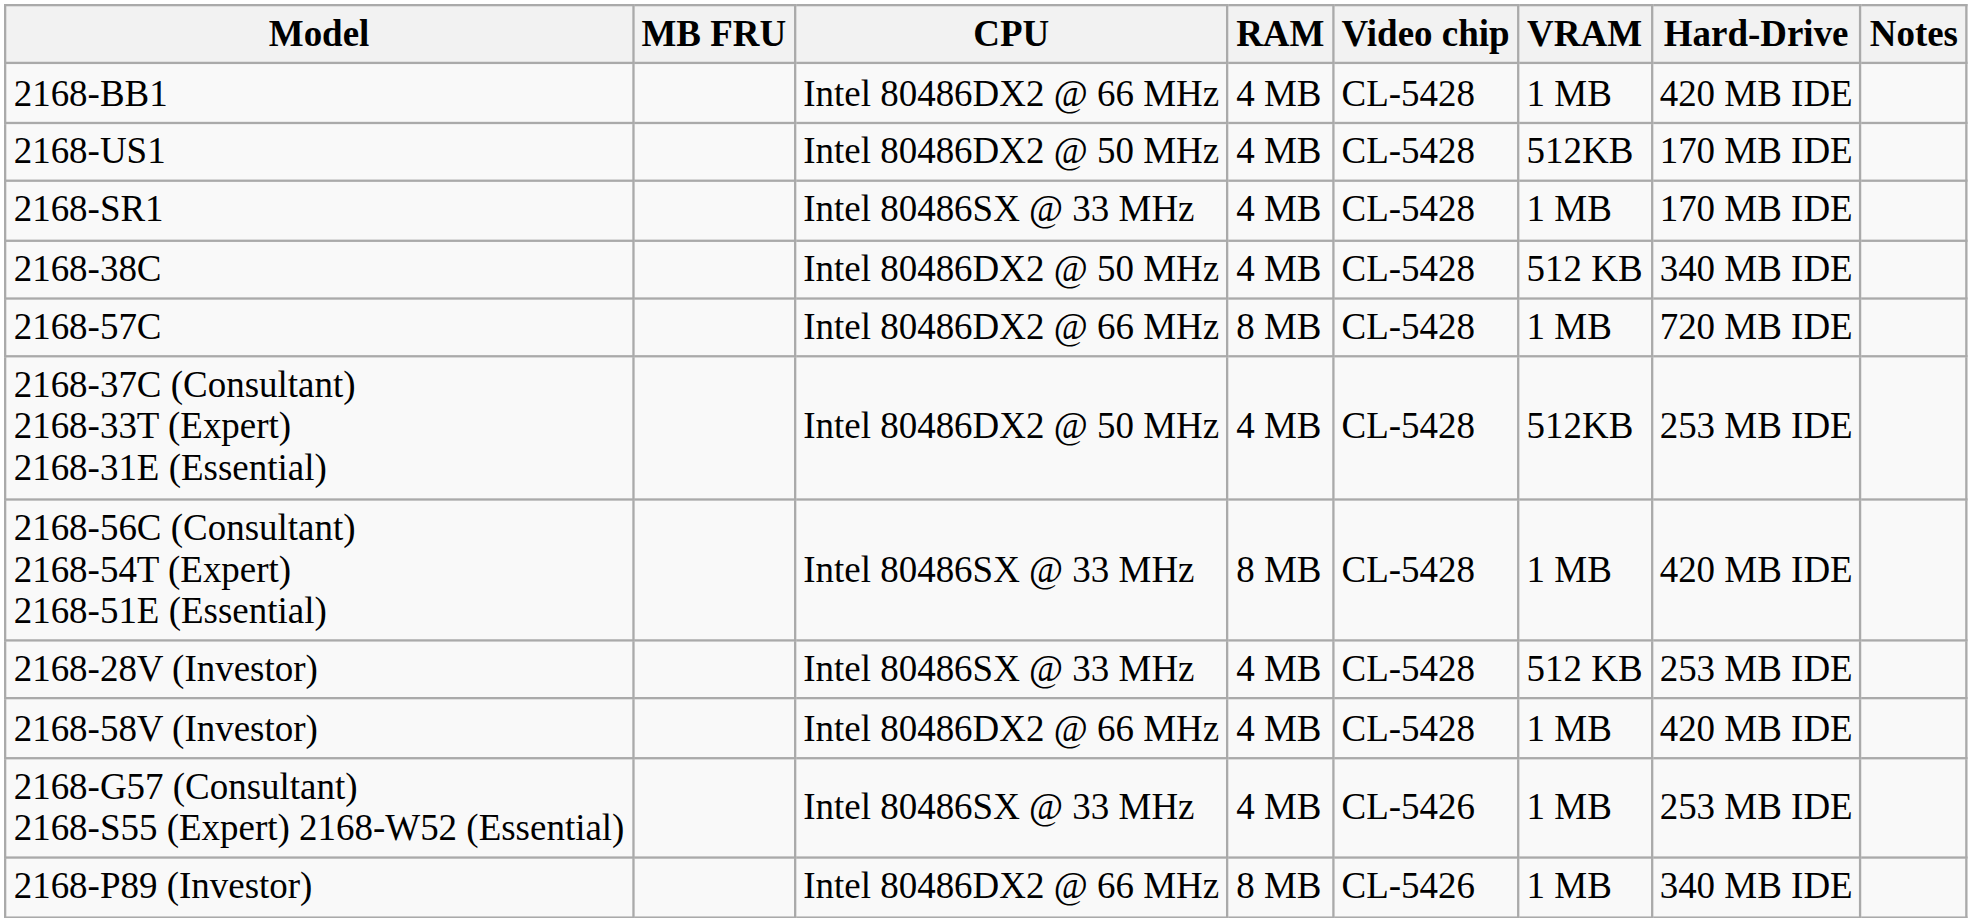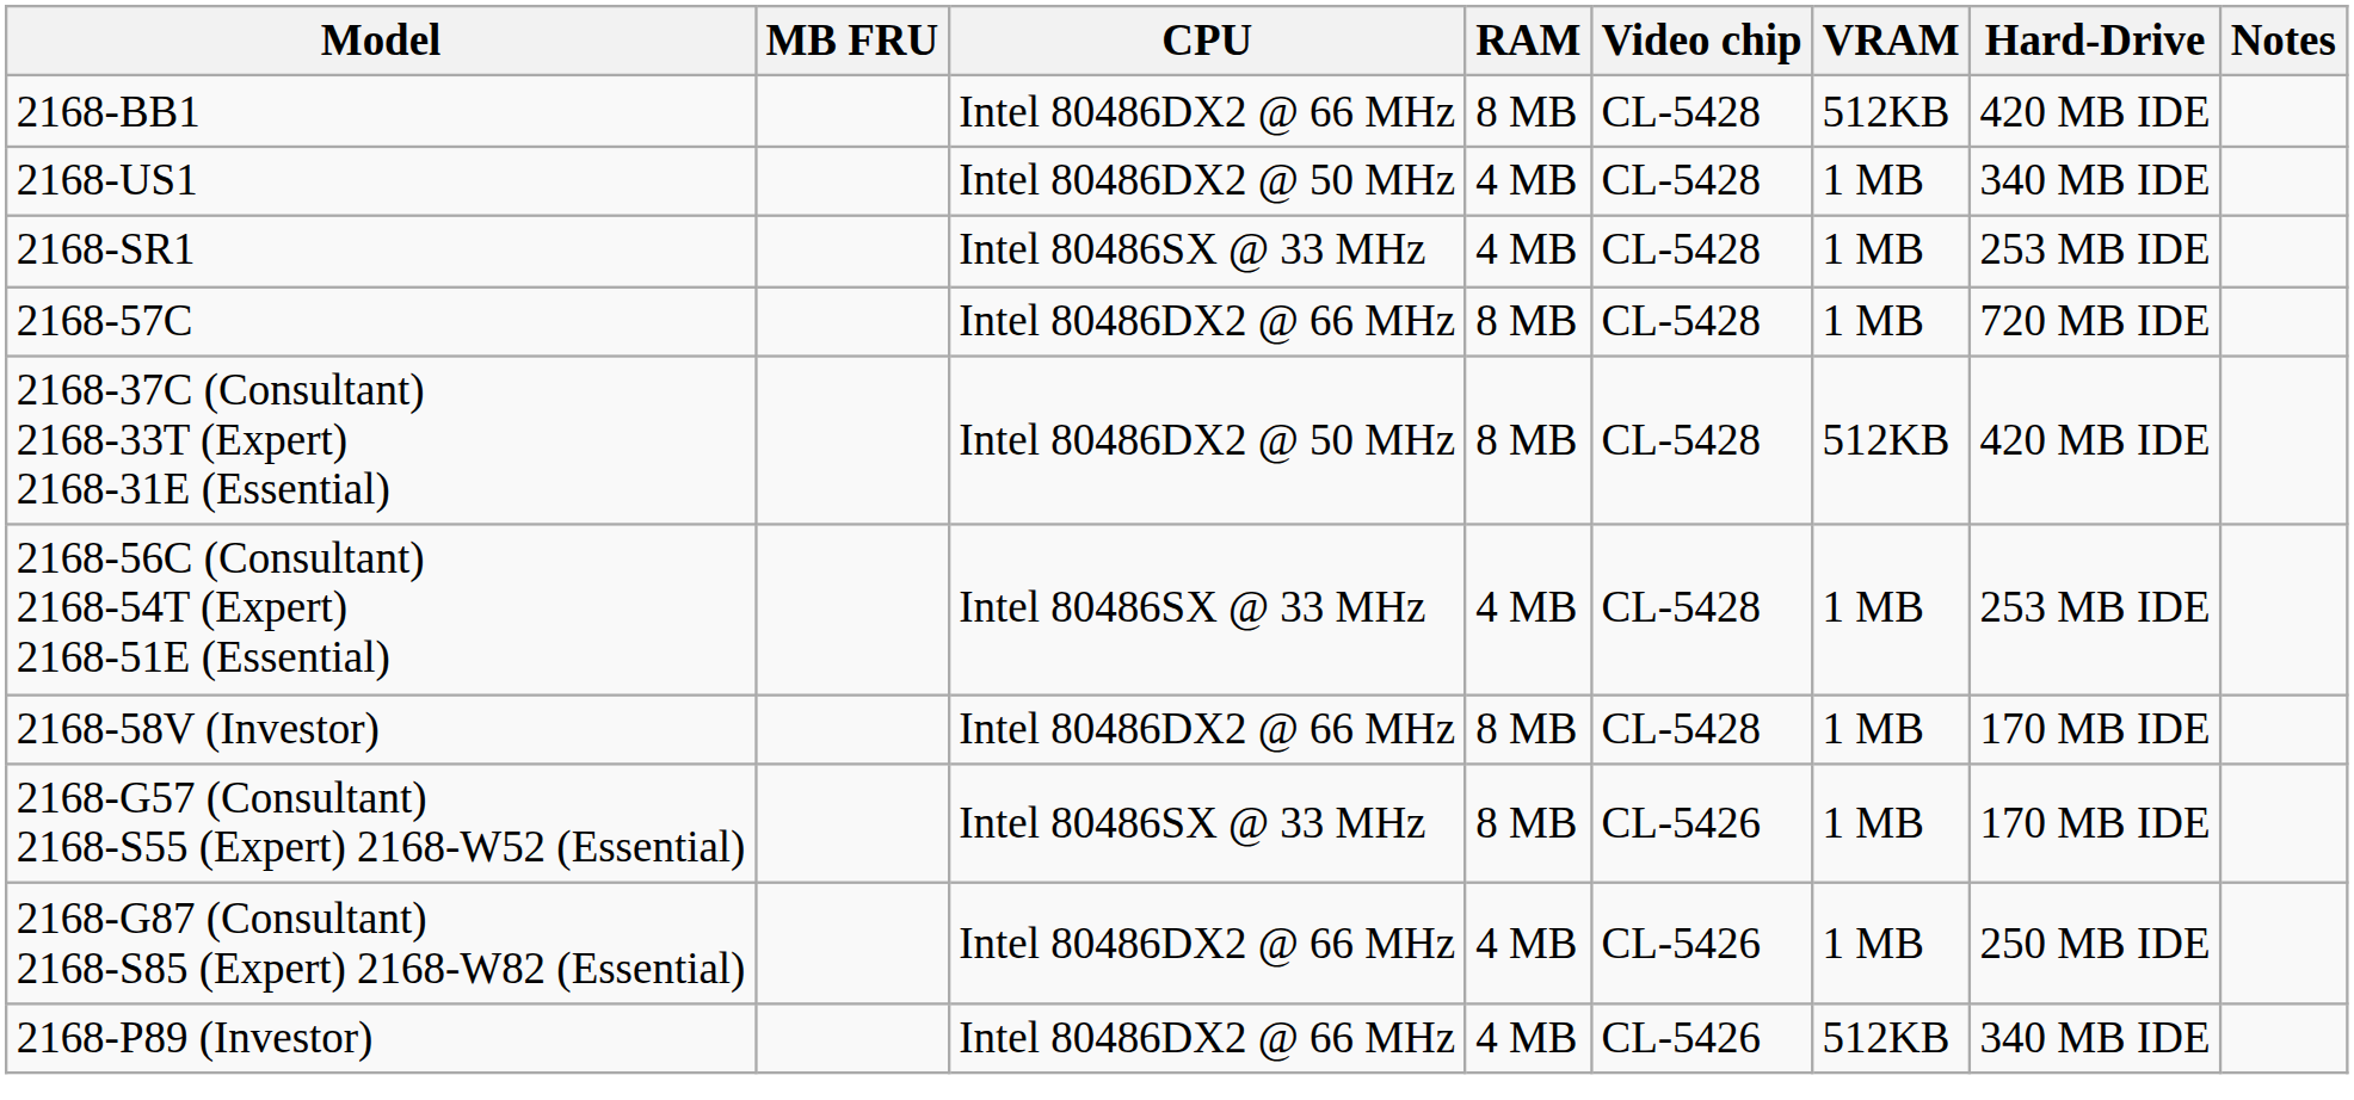 <table class="wikitable">
 <tr>
 <th>Model</th>
 <th>MB FRU</th>
 <th>CPU</th>
 <th>RAM</th>
 <th>Video chip</th>
 <th>VRAM</th>
 <th>Hard-Drive</th>
 <th>Notes</th>
 </tr>
 <tr>
 <td>2168-BB1</td>
 <td></td>
 <td>Intel 80486DX2 @ 66 MHz</td>
-<td>4 MB</td>
+<td>8 MB</td>
 <td>CL-5428</td>
-<td>1 MB</td>
+<td>512KB</td>
 <td>420 MB IDE</td>
 <td></td>
 </tr>
 <tr>
 <td>2168-US1</td>
 <td></td>
 <td>Intel 80486DX2 @ 50 MHz</td>
 <td>4 MB</td>
 <td>CL-5428</td>
-<td>512KB</td>
-<td>170 MB IDE</td>
+<td>1 MB</td>
+<td>340 MB IDE</td>
 <td></td>
 </tr>
 <tr>
 <td>2168-SR1</td>
 <td></td>
 <td>Intel 80486SX @ 33 MHz</td>
 <td>4 MB</td>
 <td>CL-5428</td>
 <td>1 MB</td>
-<td>170 MB IDE</td>
-<td></td>
-</tr>
-<tr>
-<td>2168-38C</td>
-<td></td>
-<td>Intel 80486DX2 @ 50 MHz</td>
-<td>4 MB</td>
-<td>CL-5428</td>
-<td>512 KB</td>
-<td>340 MB IDE</td>
+<td>253 MB IDE</td>
 <td></td>
 </tr>
 <tr>
 <td>2168-57C</td>
 <td></td>
 <td>Intel 80486DX2 @ 66 MHz</td>
 <td>8 MB</td>
 <td>CL-5428</td>
 <td>1 MB</td>
 <td>720 MB IDE</td>
 <td></td>
 </tr>
 <tr>
 <td>2168-37C (Consultant)<br>2168-33T (Expert)<br>2168-31E (Essential)</td>
 <td></td>
 <td>Intel 80486DX2 @ 50 MHz</td>
-<td>4 MB</td>
+<td>8 MB</td>
 <td>CL-5428</td>
 <td>512KB</td>
-<td>253 MB IDE</td>
+<td>420 MB IDE</td>
 <td></td>
 </tr>
 <tr>
 <td>2168-56C (Consultant)<br>2168-54T (Expert)<br>2168-51E (Essential)</td>
 <td></td>
 <td>Intel 80486SX @ 33 MHz</td>
-<td>8 MB</td>
+<td>4 MB</td>
 <td>CL-5428</td>
 <td>1 MB</td>
-<td>420 MB IDE</td>
-<td></td>
-</tr>
-<tr>
-<td>2168-28V (Investor)</td>
-<td></td>
-<td>Intel 80486SX @ 33 MHz</td>
-<td>4 MB</td>
-<td>CL-5428</td>
-<td>512 KB</td>
 <td>253 MB IDE</td>
 <td></td>
 </tr>
 <tr>
 <td>2168-58V (Investor)</td>
 <td></td>
 <td>Intel 80486DX2 @ 66 MHz</td>
-<td>4 MB</td>
+<td>8 MB</td>
 <td>CL-5428</td>
 <td>1 MB</td>
-<td>420 MB IDE</td>
+<td>170 MB IDE</td>
 <td></td>
 </tr>
 <tr>
 <td>2168-G57 (Consultant)<br>2168-S55 (Expert) 2168-W52 (Essential)</td>
 <td></td>
 <td>Intel 80486SX @ 33 MHz</td>
+<td>8 MB</td>
+<td>CL-5426</td>
+<td>1 MB</td>
+<td>170 MB IDE</td>
+<td></td>
+</tr>
+<tr>
+<td>2168-G87 (Consultant)<br>2168-S85 (Expert) 2168-W82 (Essential)</td>
+<td></td>
+<td>Intel 80486DX2 @ 66 MHz</td>
 <td>4 MB</td>
 <td>CL-5426</td>
 <td>1 MB</td>
-<td>253 MB IDE</td>
+<td>250 MB IDE</td>
 <td></td>
 </tr>
 <tr>
 <td>2168-P89 (Investor)</td>
 <td></td>
 <td>Intel 80486DX2 @ 66 MHz</td>
-<td>8 MB</td>
+<td>4 MB</td>
 <td>CL-5426</td>
-<td>1 MB</td>
+<td>512KB</td>
 <td>340 MB IDE</td>
 </tr>
 </table>
